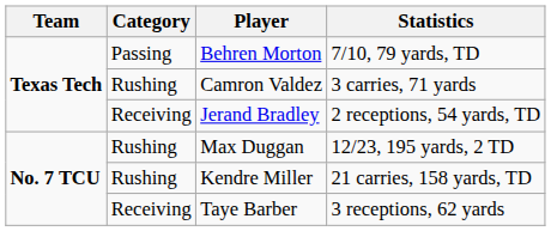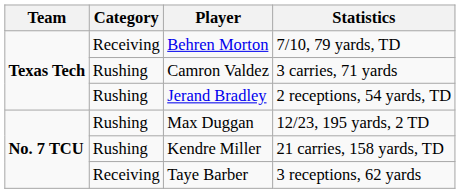 <table class="wikitable" style="float: right;">
 <tr>
 <th>Team</th>
 <th>Category</th>
 <th>Player</th>
 <th>Statistics</th>
 </tr>
 <tr>
 <td rowspan=3><strong>Texas Tech</strong></td>
-<td>Passing</td>
+<td>Receiving</td>
 <td><a href='#'>Behren Morton</a></td>
 <td>7/10, 79 yards, TD</td>
 </tr>
 <tr>
 <td>Rushing</td>
 <td>Camron Valdez</td>
 <td>3 carries, 71 yards</td>
 </tr>
 <tr>
-<td>Receiving</td>
+<td>Rushing</td>
 <td><a href='#'>Jerand Bradley</a></td>
 <td>2 receptions, 54 yards, TD</td>
 </tr>
 <tr>
 <td rowspan=3><strong>No. 7 TCU</strong></td>
 <td>Rushing</td>
 <td>Max Duggan</td>
 <td>12/23, 195 yards, 2 TD</td>
 </tr>
 <tr>
 <td>Rushing</td>
 <td>Kendre Miller</td>
 <td>21 carries, 158 yards, TD</td>
 </tr>
 <tr>
 <td>Receiving</td>
 <td>Taye Barber</td>
 <td>3 receptions, 62 yards</td>
 </tr>
 </table>
